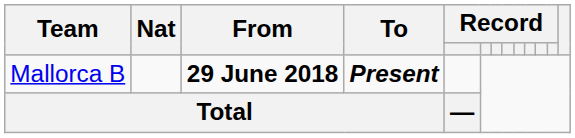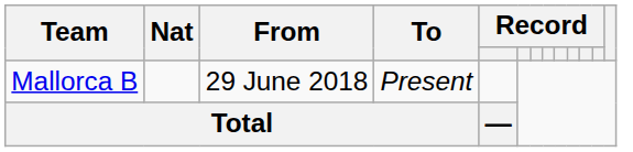 <table class="wikitable" style="text-align: center">
 <tr>
 <th rowspan="2">Team</th>
 <th rowspan="2">Nat</th>
 <th rowspan="2">From</th>
 <th rowspan="2">To</th>
 <th colspan="8">Record</th>
 <th rowspan=2></th>
 </tr>
 <tr>
 <th></th>
 <th></th>
 <th></th>
 <th></th>
 <th></th>
 <th></th>
 <th></th>
 <th></th>
 </tr>
 <tr>
 <td align=left><a href='#'>Mallorca B</a></td>
 <td></td>
-<td align=left><strong>29 June 2018</strong></td>
-<td align=left><strong><em>Present</em><br></strong></td>
+<td align=left>29 June 2018</td>
+<td align=left><em>Present</em><br></td>
 <td></td>
 </tr>
 <tr>
 <th colspan=4>Total<br></th>
 <th>—</th>
 </tr>
 </table>
